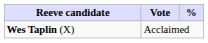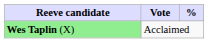 <table class="wikitable">
 <tr>
 <th style="background:#ddf;" width="200px">Reeve candidate</th>
 <th style="background:#ddf;" width="50px">Vote</th>
 <th style="background:#ddf;" width="30px">%</th>
 </tr>
 <tr>
-<td><strong>Wes Taplin</strong> (X)</td>
+<td style="background: lightgreen;"><strong>Wes Taplin</strong> (X)</td>
 <td colspan="2">Acclaimed</td>
 </tr>
 </table>
